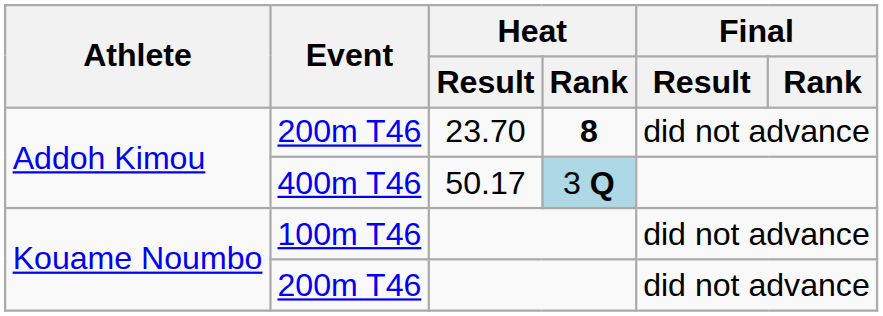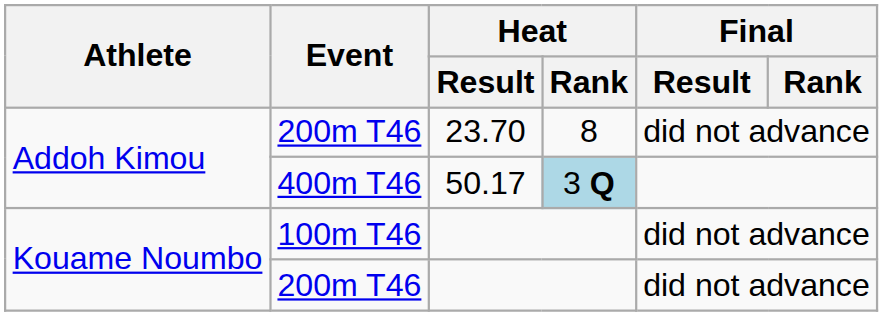 <table class="wikitable" style="font-size:90%">
 <tr>
 <th rowspan="2">Athlete</th>
 <th rowspan="2">Event</th>
 <th colspan="2">Heat</th>
 <th colspan="2">Final</th>
 </tr>
 <tr>
 <th>Result</th>
 <th>Rank</th>
 <th>Result</th>
 <th>Rank</th>
 </tr>
 <tr align=center>
 <td align=left rowspan=2><a href='#'>Addoh Kimou</a></td>
 <td align=left><a href='#'>200m T46</a></td>
 <td>23.70</td>
-<td><strong>8</strong></td>
+<td>8</td>
 <td colspan="2">did not advance</td>
 </tr>
 <tr align=center>
 <td align=left><a href='#'>400m T46</a></td>
 <td>50.17</td>
 <td style="background: lightblue;">3 <strong>Q</strong></td>
 <td colspan=2></td>
 </tr>
 <tr align=center>
 <td align=left rowspan=2><a href='#'>Kouame Noumbo</a></td>
 <td align=left><a href='#'>100m T46</a></td>
 <td colspan="2"></td>
 <td colspan="2">did not advance</td>
 </tr>
 <tr align=center>
 <td align=left><a href='#'>200m T46</a></td>
 <td colspan="2"></td>
 <td colspan="2">did not advance</td>
 </tr>
 </table>
